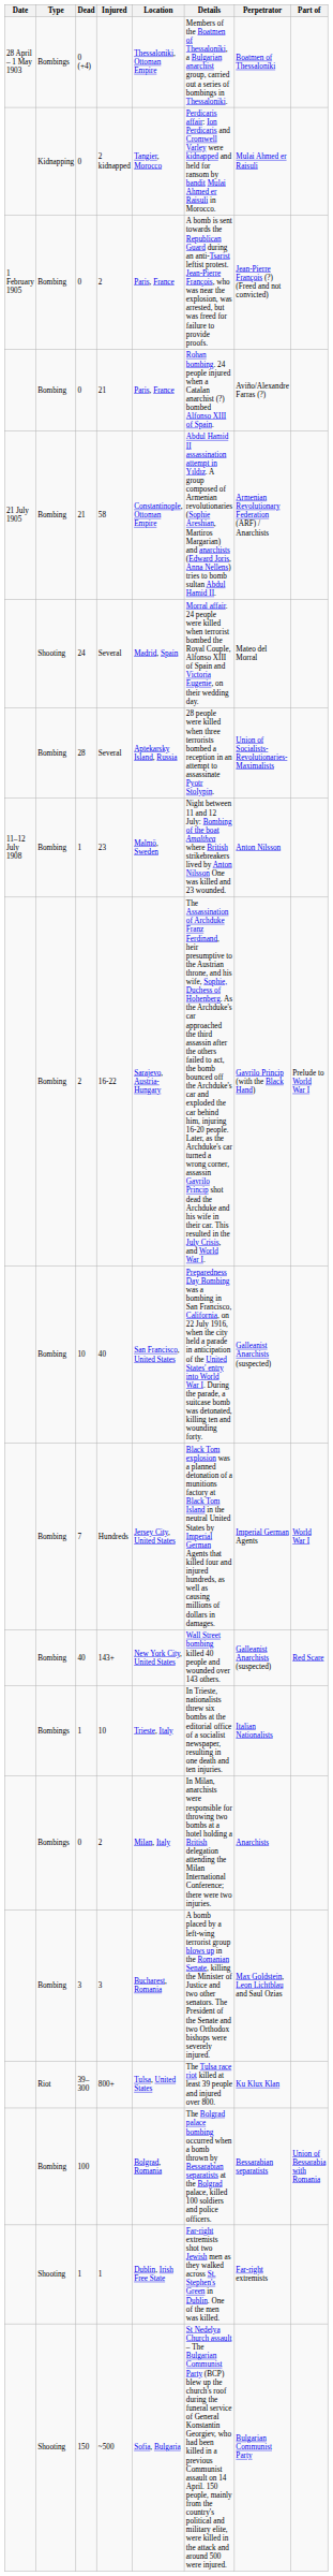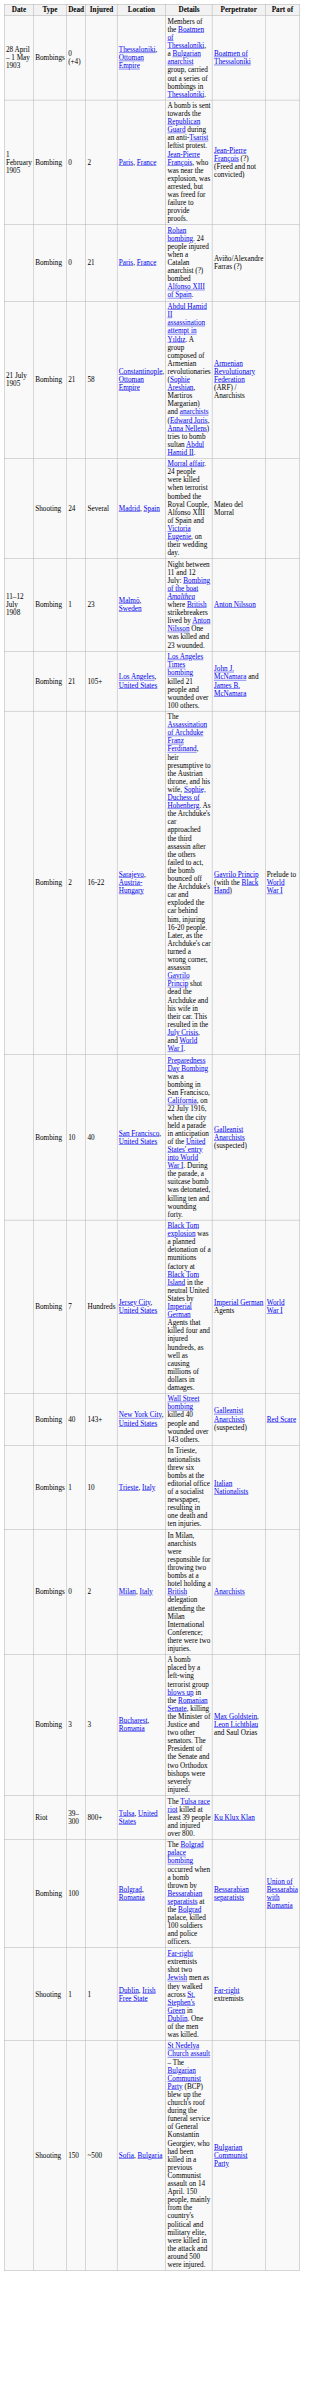 <table class="wikitable sortable sticky-header">
 <tr>
 <th>Date</th>
 <th>Type</th>
 <th data-sort-type="number">Dead</th>
 <th data-sort-type="number">Injured</th>
 <th>Location</th>
 <th class="unsortable">Details</th>
 <th>Perpetrator</th>
 <th>Part of<br></th>
 </tr>
 <tr>
 <td>28 April – 1 May 1903</td>
 <td>Bombings</td>
 <td>0 (+4)</td>
 <td></td>
 <td> <a href='#'>Thessaloniki</a>, <a href='#'>Ottoman Empire</a></td>
 <td>Members of the <a href='#'>Boatmen of Thessaloníki</a>, a <a href='#'>Bulgarian</a> <a href='#'>anarchist</a> group, carried out a series of bombings in <a href='#'>Thessaloniki</a>.</td>
 <td><a href='#'>Boatmen of Thessaloníki</a></td>
-<td></td>
-</tr>
-<tr>
-<td></td>
-<td>Kidnapping</td>
-<td>0</td>
-<td>2 kidnapped</td>
-<td> <a href='#'>Tangier</a>, <a href='#'>Morocco</a></td>
-<td><a href='#'>Perdicaris affair</a>: <a href='#'>Ion Perdicaris</a> and <a href='#'>Cromwell Varley</a> were <a href='#'>kidnapped</a> and held for ransom by <a href='#'>bandit</a> <a href='#'>Mulai Ahmed er Raisuli</a> in Morocco.</td>
-<td><a href='#'>Mulai Ahmed er Raisuli</a></td>
 <td></td>
 </tr>
 <tr>
 <td>1 February 1905</td>
 <td>Bombing</td>
 <td>0</td>
 <td>2</td>
 <td> <a href='#'>Paris</a>, <a href='#'>France</a></td>
 <td>A bomb is sent towards the <a href='#'>Republican Guard</a> during an anti-<a href='#'>Tsarist</a> leftist protest. <a href='#'>Jean-Pierre François</a>, who was near the explosion, was arrested, but was freed for failure to provide proofs.</td>
 <td><a href='#'>Jean-Pierre François</a> (?) (Freed and not convicted)</td>
 <td></td>
 </tr>
 <tr>
 <td></td>
 <td>Bombing</td>
 <td>0</td>
 <td>21</td>
 <td> <a href='#'>Paris</a>, <a href='#'>France</a></td>
 <td><a href='#'>Rohan bombing</a>. 24 people injured when a Catalan anarchist (?) bombed <a href='#'>Alfonso XIII of Spain</a>.</td>
 <td>Aviño/Alexandre Farras (?)</td>
 <td></td>
 </tr>
 <tr>
 <td>21 July 1905</td>
 <td>Bombing</td>
 <td>21</td>
 <td>58</td>
 <td> <a href='#'>Constantinople</a>, <a href='#'>Ottoman Empire</a></td>
 <td><a href='#'>Abdul Hamid II assassination attempt in Yıldız</a>. A group composed of Armenian revolutionaries (<a href='#'>Sophie Areshian</a>, Martiros Margarian) and <a href='#'>anarchists</a> (<a href='#'>Edward Joris</a>, <a href='#'>Anna Nellens</a>) tries to bomb sultan <a href='#'>Abdul Hamid II</a>.</td>
 <td><a href='#'>Armenian Revolutionary Federation</a> (ARF) / Anarchists</td>
 <td></td>
 </tr>
 <tr>
 <td></td>
 <td>Shooting</td>
 <td>24</td>
 <td>Several</td>
 <td> <a href='#'>Madrid</a>, <a href='#'>Spain</a></td>
 <td><a href='#'>Morral affair</a>. 24 people were killed when terrorist bombed the Royal Couple, Alfonso XIII of Spain and <a href='#'>Victoria Eugenie</a>, on their wedding day.</td>
 <td>Mateo del Morral</td>
 <td></td>
 </tr>
 <tr>
-<td></td>
-<td>Bombing</td>
-<td>28</td>
-<td>Several</td>
-<td> <a href='#'>Aptekarsky Island</a>, <a href='#'>Russia</a></td>
-<td>28 people were killed when three terrorists bombed a reception in an attempt to assassinate <a href='#'>Pyotr Stolypin</a>.</td>
-<td><a href='#'>Union of Socialists-Revolutionaries-Maximalists</a></td>
-<td></td>
-</tr>
-<tr>
 <td>11–12 July 1908</td>
 <td>Bombing</td>
 <td>1</td>
 <td>23</td>
 <td> <a href='#'>Malmö</a>, <a href='#'>Sweden</a></td>
 <td>Night between 11 and 12 July: <a href='#'>Bombing of the boat <em>Amalthea</em></a> where <a href='#'>British</a> strikebreakers lived by <a href='#'>Anton Nilsson</a> One was killed and 23 wounded.</td>
 <td><a href='#'>Anton Nilsson</a></td>
+<td></td>
+</tr>
+<tr>
+<td></td>
+<td>Bombing</td>
+<td>21</td>
+<td>105+</td>
+<td> <a href='#'>Los Angeles</a>, <a href='#'>United States</a></td>
+<td><a href='#'>Los Angeles Times bombing</a> killed 21 people and wounded over 100 others.</td>
+<td><a href='#'>John J. McNamara</a> and <a href='#'>James B. McNamara</a></td>
 <td></td>
 </tr>
 <tr>
 <td></td>
 <td>Bombing</td>
 <td>2</td>
 <td>16-22</td>
 <td> <a href='#'>Sarajevo</a>, <a href='#'>Austria-Hungary</a></td>
 <td>The <a href='#'>Assassination of Archduke Franz Ferdinand</a>, heir presumptive to the Austrian throne, and his wife, <a href='#'>Sophie, Duchess of Hohenberg</a>. As the Archduke's car approached the third assassin after the others failed to act, the bomb bounced off the Archduke's car and exploded the car behind him, injuring 16-20 people. Later, as the Archduke's car turned a wrong corner, assassin <a href='#'>Gavrilo Princip</a> shot dead the Archduke and his wife in their car. This resulted in the <a href='#'>July Crisis</a>, and <a href='#'>World War I</a>.</td>
 <td><a href='#'>Gavrilo Princip</a> (with the <a href='#'>Black Hand</a>)</td>
 <td>Prelude to <a href='#'>World War I</a></td>
 </tr>
 <tr>
 <td></td>
 <td>Bombing</td>
 <td>10</td>
 <td>40</td>
 <td> <a href='#'>San Francisco</a>, <a href='#'>United States</a></td>
 <td><a href='#'>Preparedness Day Bombing</a> was a bombing in San Francisco, <a href='#'>California</a>, on 22 July 1916, when the city held a parade in anticipation of the <a href='#'>United States' entry into World War I</a>. During the parade, a suitcase bomb was detonated, killing ten and wounding forty.</td>
 <td><a href='#'>Galleanist</a> <a href='#'>Anarchists</a> (suspected)</td>
 <td></td>
 </tr>
 <tr>
 <td></td>
 <td>Bombing</td>
 <td>7</td>
 <td>Hundreds</td>
 <td> <a href='#'>Jersey City</a>, <a href='#'>United States</a></td>
 <td><a href='#'>Black Tom explosion</a> was a planned detonation of a munitions factory at <a href='#'>Black Tom Island</a> in the neutral United States by <a href='#'>Imperial German</a> Agents that killed four and injured hundreds, as well as causing millions of dollars in damages.</td>
 <td><a href='#'>Imperial German</a> Agents</td>
 <td><a href='#'>World War I</a></td>
 </tr>
 <tr>
 <td></td>
 <td>Bombing</td>
 <td>40</td>
 <td>143+</td>
 <td> <a href='#'>New York City</a>, <a href='#'>United States</a></td>
 <td><a href='#'>Wall Street bombing</a> killed 40 people and wounded over 143 others.</td>
 <td><a href='#'>Galleanist</a> <a href='#'>Anarchists</a> (suspected)</td>
 <td><a href='#'>Red Scare</a></td>
 </tr>
 <tr>
 <td></td>
 <td>Bombings</td>
 <td>1</td>
 <td>10</td>
 <td> <a href='#'>Trieste</a>, <a href='#'>Italy</a></td>
 <td>In Trieste, nationalists threw six bombs at the editorial office of a socialist newspaper, resulting in one death and ten injuries.</td>
 <td><a href='#'>Italian</a> <a href='#'>Nationalists</a></td>
 <td></td>
 </tr>
 <tr>
 <td></td>
 <td>Bombings</td>
 <td>0</td>
 <td>2</td>
 <td> <a href='#'>Milan</a>, <a href='#'>Italy</a></td>
 <td>In Milan, anarchists were responsible for throwing two bombs at a hotel holding a <a href='#'>British</a> delegation attending the Milan International Conference; there were two injuries.</td>
 <td><a href='#'>Anarchists</a></td>
 <td></td>
 </tr>
 <tr>
 <td></td>
 <td>Bombing</td>
 <td>3</td>
 <td>3</td>
 <td> <a href='#'>Bucharest</a>, <a href='#'>Romania</a></td>
 <td>A bomb placed by a left-wing terrorist group <a href='#'>blows up</a> in the <a href='#'>Romanian Senate</a>, killing the Minister of Justice and two other senators. The President of the Senate and two Orthodox bishops were severely injured.</td>
 <td><a href='#'>Max Goldstein</a>, <a href='#'>Leon Lichtblau</a> and Saul Ozias</td>
 <td></td>
 </tr>
 <tr>
 <td></td>
 <td>Riot</td>
 <td>39–300</td>
 <td>800+</td>
 <td> <a href='#'>Tulsa</a>, <a href='#'>United States</a></td>
 <td>The <a href='#'>Tulsa race riot</a> killed at least 39 people and injured over 800.</td>
 <td><a href='#'>Ku Klux Klan</a></td>
 <td></td>
 </tr>
 <tr>
 <td></td>
 <td>Bombing</td>
 <td>100</td>
 <td></td>
 <td> <a href='#'>Bolgrad</a>, <a href='#'>Romania</a></td>
 <td>The <a href='#'>Bolgrad palace bombing</a> occurred when a bomb thrown by <a href='#'>Bessarabian separatists</a> at the <a href='#'>Bolgrad</a> palace, killed 100 soldiers and police officers.</td>
 <td><a href='#'>Bessarabian separatists</a></td>
 <td><a href='#'>Union of Bessarabia with Romania</a></td>
 </tr>
 <tr>
 <td></td>
 <td>Shooting</td>
 <td>1</td>
 <td>1</td>
 <td> <a href='#'>Dublin</a>, <a href='#'>Irish Free State</a></td>
 <td><a href='#'>Far-right</a> extremists shot two <a href='#'>Jewish</a> men as they walked across <a href='#'>St. Stephen's Green</a> in <a href='#'>Dublin</a>. One of the men was killed.</td>
 <td><a href='#'>Far-right</a> extremists</td>
 <td></td>
 </tr>
 <tr>
 <td></td>
 <td>Shooting</td>
 <td>150</td>
 <td>~500</td>
 <td> <a href='#'>Sofia</a>, <a href='#'>Bulgaria</a></td>
 <td><a href='#'>St Nedelya Church assault</a> – The <a href='#'>Bulgarian Communist Party</a> (BCP) blew up the church's roof during the funeral service of General Konstantin Georgiev, who had been killed in a previous Communist assault on 14 April. 150 people, mainly from the country's political and military elite, were killed in the attack and around 500 were injured.</td>
 <td><a href='#'>Bulgarian Communist Party</a></td>
 <td></td>
 </tr>
 </table>
